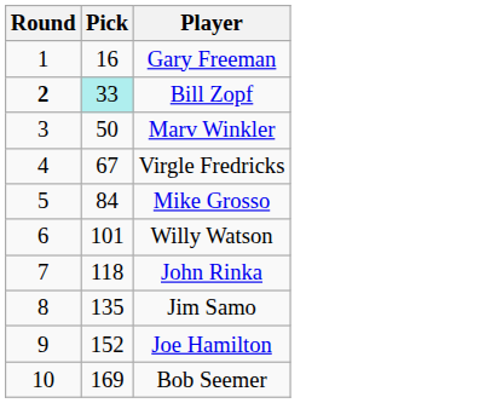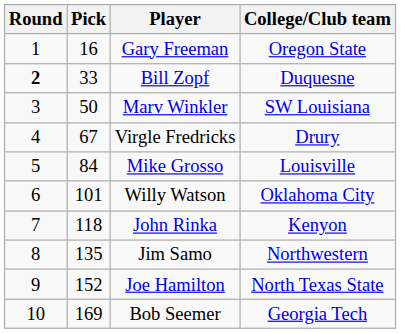 <table class="wikitable sortable sortable">
 <tr>
 <th>Round</th>
 <th>Pick</th>
 <th>Player</th>
+<th>College/Club team</th>
 </tr>
 <tr style="text-align: center">
 <td>1</td>
 <td>16</td>
 <td><a href='#'>Gary Freeman</a></td>
+<td><a href='#'>Oregon State</a></td>
 </tr>
 <tr style="text-align: center">
 <td><strong>2</strong></td>
-<td style="background: paleturquoise;">33</td>
+<td>33</td>
 <td><a href='#'>Bill Zopf</a></td>
+<td><a href='#'>Duquesne</a></td>
 </tr>
 <tr style="text-align: center">
 <td>3</td>
 <td>50</td>
 <td><a href='#'>Marv Winkler</a></td>
+<td><a href='#'>SW Louisiana</a></td>
 </tr>
 <tr style="text-align: center">
 <td>4</td>
 <td>67</td>
 <td>Virgle Fredricks</td>
+<td><a href='#'>Drury</a></td>
 </tr>
 <tr style="text-align: center">
 <td>5</td>
 <td>84</td>
 <td><a href='#'>Mike Grosso</a></td>
+<td><a href='#'>Louisville</a></td>
 </tr>
 <tr style="text-align: center">
 <td>6</td>
 <td>101</td>
 <td>Willy Watson</td>
+<td><a href='#'>Oklahoma City</a></td>
 </tr>
 <tr style="text-align: center">
 <td>7</td>
 <td>118</td>
 <td><a href='#'>John Rinka</a></td>
+<td><a href='#'>Kenyon</a></td>
 </tr>
 <tr style="text-align: center">
 <td>8</td>
 <td>135</td>
 <td>Jim Samo</td>
+<td><a href='#'>Northwestern</a></td>
 </tr>
 <tr style="text-align: center">
 <td>9</td>
 <td>152</td>
 <td><a href='#'>Joe Hamilton</a></td>
+<td><a href='#'>North Texas State</a></td>
 </tr>
 <tr style="text-align: center">
 <td>10</td>
 <td>169</td>
 <td>Bob Seemer</td>
+<td><a href='#'>Georgia Tech</a></td>
 </tr>
 </table>
